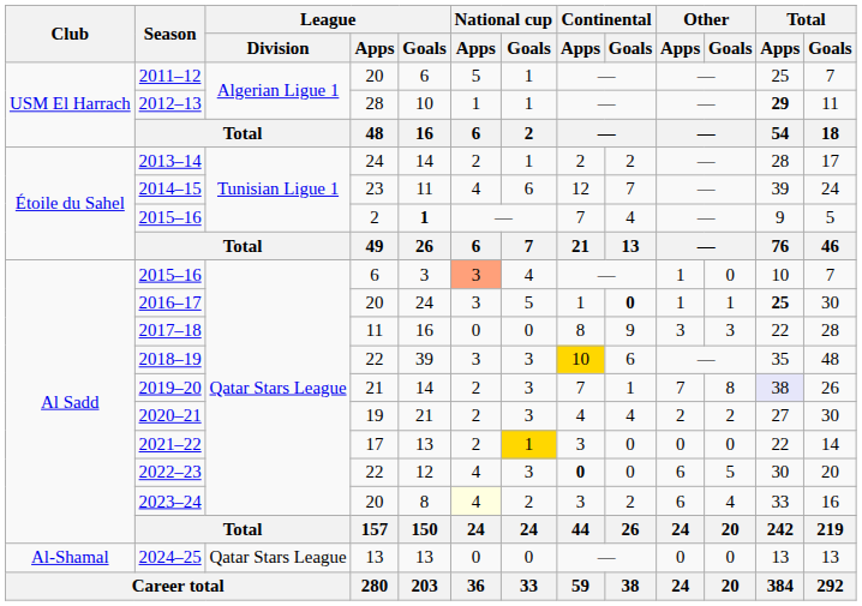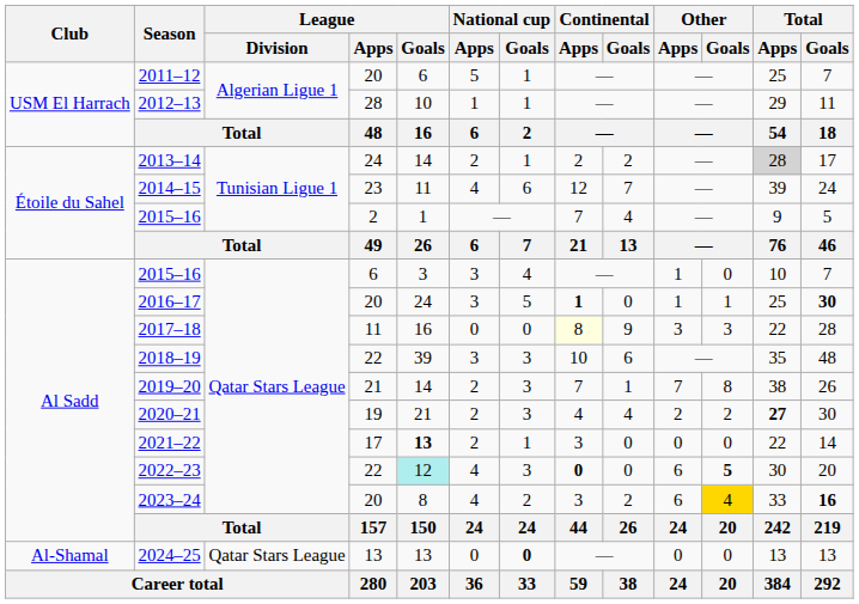 <table class="wikitable" style="text-align:center">
 <tr>
 <th rowspan="2">Club</th>
 <th rowspan="2">Season</th>
 <th colspan="3">League</th>
 <th colspan="2">National cup</th>
 <th colspan="2">Continental</th>
 <th colspan="2">Other</th>
 <th colspan="2">Total</th>
 </tr>
 <tr>
 <th>Division</th>
 <th>Apps</th>
 <th>Goals</th>
 <th>Apps</th>
 <th>Goals</th>
 <th>Apps</th>
 <th>Goals</th>
 <th>Apps</th>
 <th>Goals</th>
 <th>Apps</th>
 <th>Goals</th>
 </tr>
 <tr>
 <td rowspan="3"><a href='#'>USM El Harrach</a></td>
 <td><a href='#'>2011–12</a></td>
 <td rowspan="2"><a href='#'>Algerian Ligue 1</a></td>
 <td>20</td>
 <td>6</td>
 <td>5</td>
 <td>1</td>
 <td colspan="2">—</td>
 <td colspan="2">—</td>
 <td>25</td>
 <td>7</td>
 </tr>
 <tr>
 <td><a href='#'>2012–13</a></td>
 <td>28</td>
 <td>10</td>
 <td>1</td>
 <td>1</td>
 <td colspan="2">—</td>
 <td colspan="2">—</td>
-<td><strong>29</strong></td>
+<td>29</td>
 <td>11</td>
 </tr>
 <tr>
 <th colspan="2">Total</th>
 <th>48</th>
 <th>16</th>
 <th>6</th>
 <th>2</th>
 <th colspan="2">—</th>
 <th colspan="2">—</th>
 <th>54</th>
 <th>18</th>
 </tr>
 <tr>
 <td rowspan="4"><a href='#'>Étoile du Sahel</a></td>
 <td><a href='#'>2013–14</a></td>
 <td rowspan="3"><a href='#'>Tunisian Ligue 1</a></td>
 <td>24</td>
 <td>14</td>
 <td>2</td>
 <td>1</td>
 <td>2</td>
 <td>2</td>
 <td colspan="2">—</td>
-<td>28</td>
+<td style="background: lightgrey;">28</td>
 <td>17</td>
 </tr>
 <tr>
 <td><a href='#'>2014–15</a></td>
 <td>23</td>
 <td>11</td>
 <td>4</td>
 <td>6</td>
 <td>12</td>
 <td>7</td>
 <td colspan="2">—</td>
 <td>39</td>
 <td>24</td>
 </tr>
 <tr>
 <td><a href='#'>2015–16</a></td>
 <td>2</td>
-<td><strong>1</strong></td>
+<td>1</td>
 <td colspan="2">—</td>
 <td>7</td>
 <td>4</td>
 <td colspan="2">—</td>
 <td>9</td>
 <td>5</td>
 </tr>
 <tr>
 <th colspan="2">Total</th>
 <th>49</th>
 <th>26</th>
 <th>6</th>
 <th>7</th>
 <th>21</th>
 <th>13</th>
 <th colspan="2">—</th>
 <th>76</th>
 <th>46</th>
 </tr>
 <tr>
 <td rowspan="10"><a href='#'>Al Sadd</a></td>
 <td><a href='#'>2015–16</a></td>
 <td rowspan="9"><a href='#'>Qatar Stars League</a></td>
 <td>6</td>
 <td>3</td>
-<td style="background: lightsalmon;">3</td>
+<td>3</td>
 <td>4</td>
 <td colspan="2">—</td>
 <td>1</td>
 <td>0</td>
 <td>10</td>
 <td>7</td>
 </tr>
 <tr>
 <td><a href='#'>2016–17</a></td>
 <td>20</td>
 <td>24</td>
 <td>3</td>
 <td>5</td>
-<td>1</td>
-<td><strong>0</strong></td>
+<td><strong>1</strong></td>
+<td>0</td>
 <td>1</td>
 <td>1</td>
-<td><strong>25</strong></td>
-<td>30</td>
+<td>25</td>
+<td><strong>30</strong></td>
 </tr>
 <tr>
 <td><a href='#'>2017–18</a></td>
 <td>11</td>
 <td>16</td>
 <td>0</td>
 <td>0</td>
-<td>8</td>
+<td style="background: lightyellow;">8</td>
 <td>9</td>
 <td>3</td>
 <td>3</td>
 <td>22</td>
 <td>28</td>
 </tr>
 <tr>
 <td><a href='#'>2018–19</a></td>
 <td>22</td>
 <td>39</td>
 <td>3</td>
 <td>3</td>
-<td style="background: gold;">10</td>
+<td>10</td>
 <td>6</td>
 <td colspan="2">—</td>
 <td>35</td>
 <td>48</td>
 </tr>
 <tr>
 <td><a href='#'>2019–20</a></td>
 <td>21</td>
 <td>14</td>
 <td>2</td>
 <td>3</td>
 <td>7</td>
 <td>1</td>
 <td>7</td>
 <td>8</td>
-<td style="background: lavender;">38</td>
+<td>38</td>
 <td>26</td>
 </tr>
 <tr>
 <td><a href='#'>2020–21</a></td>
 <td>19</td>
 <td>21</td>
 <td>2</td>
 <td>3</td>
 <td>4</td>
 <td>4</td>
 <td>2</td>
 <td>2</td>
-<td>27</td>
+<td><strong>27</strong></td>
 <td>30</td>
 </tr>
 <tr>
 <td><a href='#'>2021–22</a></td>
 <td>17</td>
-<td>13</td>
+<td><strong>13</strong></td>
 <td>2</td>
-<td style="background: gold;">1</td>
+<td>1</td>
 <td>3</td>
 <td>0</td>
 <td>0</td>
 <td>0</td>
 <td>22</td>
 <td>14</td>
 </tr>
 <tr>
 <td><a href='#'>2022–23</a></td>
 <td>22</td>
-<td>12</td>
+<td style="background: paleturquoise;">12</td>
 <td>4</td>
 <td>3</td>
 <td><strong>0</strong></td>
 <td>0</td>
 <td>6</td>
-<td>5</td>
+<td><strong>5</strong></td>
 <td>30</td>
 <td>20</td>
 </tr>
 <tr>
 <td><a href='#'>2023–24</a></td>
 <td>20</td>
 <td>8</td>
-<td style="background: lightyellow;">4</td>
+<td>4</td>
 <td>2</td>
 <td>3</td>
 <td>2</td>
 <td>6</td>
-<td>4</td>
+<td style="background: gold;">4</td>
 <td>33</td>
-<td>16</td>
+<td><strong>16</strong></td>
 </tr>
 <tr>
 <th colspan="2">Total</th>
 <th>157</th>
 <th>150</th>
 <th>24</th>
 <th>24</th>
 <th>44</th>
 <th>26</th>
 <th>24</th>
 <th>20</th>
 <th>242</th>
 <th>219</th>
 </tr>
 <tr>
 <td><a href='#'>Al-Shamal</a></td>
 <td><a href='#'>2024–25</a></td>
 <td>Qatar Stars League</td>
 <td>13</td>
 <td>13</td>
 <td>0</td>
-<td>0</td>
+<td><strong>0</strong></td>
 <td colspan="2">—</td>
 <td>0</td>
 <td>0</td>
 <td>13</td>
 <td>13</td>
 </tr>
 <tr>
 <th colspan="3">Career total</th>
 <th>280</th>
 <th>203</th>
 <th>36</th>
 <th>33</th>
 <th>59</th>
 <th>38</th>
 <th>24</th>
 <th>20</th>
 <th>384</th>
 <th>292</th>
 </tr>
 </table>
